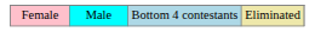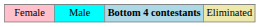 <table border="2" cellpadding="4" style="background:gray; border:1px solid gray; border-collapse:collapse; margin:1em auto; text-align:center;">
 <tr>
 </tr>
 <tr>
 <td style="background:pink;" width="20%">Female</td>
 <td style="background:cyan;" width="20%">Male</td>
-<td style="background:lightblue;">Bottom 4 contestants</td>
+<td style="background:lightblue;"><strong>Bottom 4 contestants</strong></td>
 <td style="background:palegoldenrod;">Eliminated</td>
 </tr>
 </table>
